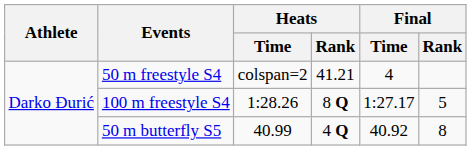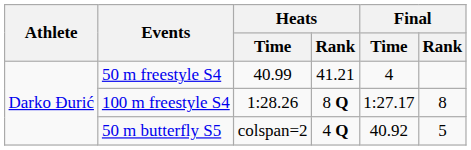 <table class=wikitable style="font-size:90%">
 <tr>
 <th rowspan=2>Athlete</th>
 <th rowspan=2>Events</th>
 <th colspan="2">Heats</th>
 <th colspan="2">Final</th>
 </tr>
 <tr>
 <th>Time</th>
 <th>Rank</th>
 <th>Time</th>
 <th>Rank</th>
 </tr>
 <tr align=center>
 <td align=left rowspan=3><a href='#'>Darko Đurić</a></td>
 <td align=left><a href='#'>50 m freestyle S4</a></td>
-<td>colspan=2 </td>
+<td>40.99</td>
 <td>41.21</td>
 <td>4</td>
 </tr>
 <tr align=center>
 <td align=left><a href='#'>100 m freestyle S4</a></td>
 <td>1:28.26</td>
 <td>8 <strong>Q</strong></td>
 <td>1:27.17</td>
-<td>5</td>
+<td>8</td>
 </tr>
 <tr align=center>
 <td align=left><a href='#'>50 m butterfly S5</a></td>
-<td>40.99</td>
+<td>colspan=2 </td>
 <td>4 <strong>Q</strong></td>
 <td>40.92</td>
-<td>8</td>
+<td>5</td>
 </tr>
 </table>
